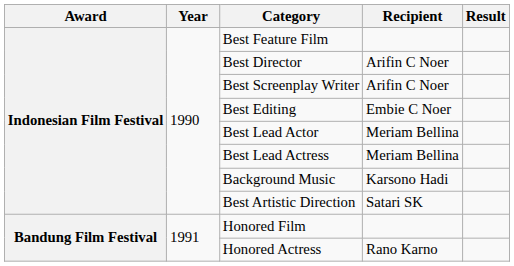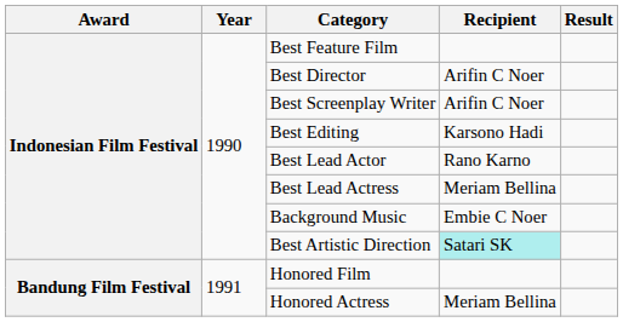 <table class="wikitable">
 <tr>
 <th scope="col">Award</th>
 <th scope="col" width="50">Year</th>
 <th scope="col">Category</th>
 <th scope="col">Recipient</th>
 <th scope="col">Result</th>
 </tr>
 <tr>
 <th rowspan="8" scope="row">Indonesian Film Festival</th>
 <td rowspan="8">1990</td>
 <td>Best Feature Film</td>
 <td></td>
 <td></td>
 </tr>
 <tr>
 <td>Best Director</td>
 <td>Arifin C Noer</td>
 <td></td>
 </tr>
 <tr>
 <td>Best Screenplay Writer</td>
 <td>Arifin C Noer</td>
 <td></td>
 </tr>
 <tr>
 <td>Best Editing</td>
-<td>Embie C Noer</td>
+<td>Karsono Hadi</td>
 <td></td>
 </tr>
 <tr>
 <td>Best Lead Actor</td>
-<td>Meriam Bellina</td>
+<td>Rano Karno</td>
 <td></td>
 </tr>
 <tr>
 <td>Best Lead Actress</td>
 <td>Meriam Bellina</td>
 <td></td>
 </tr>
 <tr>
 <td>Background Music</td>
-<td>Karsono Hadi</td>
+<td>Embie C Noer</td>
 <td></td>
 </tr>
 <tr>
 <td>Best Artistic Direction</td>
-<td>Satari SK</td>
+<td style="background: paleturquoise;">Satari SK</td>
 <td></td>
 </tr>
 <tr>
 <th rowspan="2" scope="row">Bandung Film Festival</th>
 <td rowspan="2">1991</td>
 <td>Honored Film</td>
 <td></td>
 <td></td>
 </tr>
 <tr>
 <td>Honored Actress</td>
-<td>Rano Karno</td>
+<td>Meriam Bellina</td>
 <td></td>
 </tr>
 </table>
